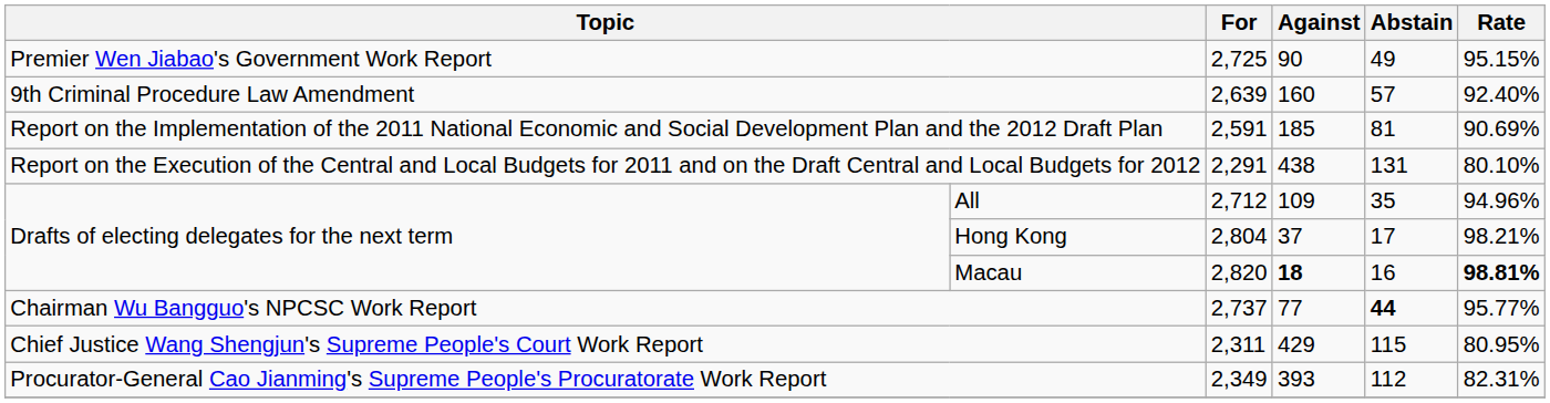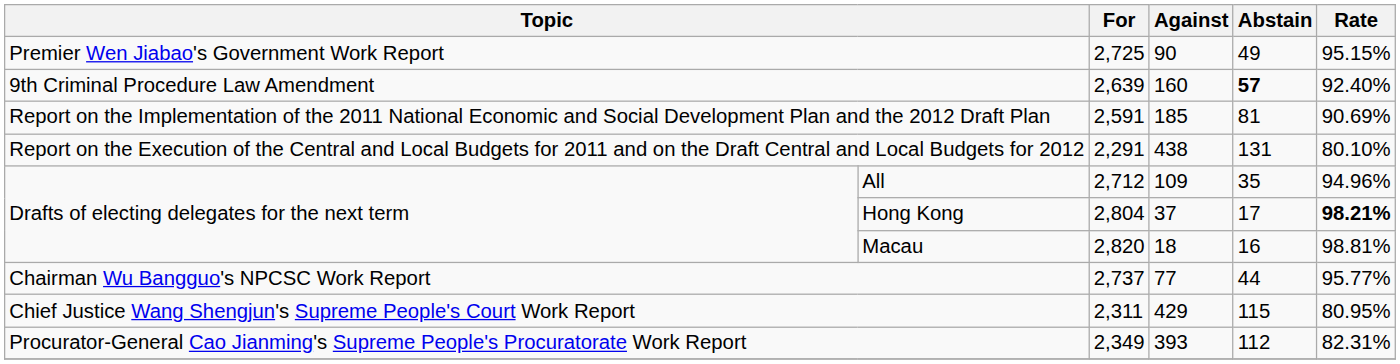 <table class="wikitable">
 <tr>
 <th colspan="2">Topic</th>
 <th>For</th>
 <th>Against</th>
 <th>Abstain</th>
 <th>Rate</th>
 </tr>
 <tr>
 <td colspan="2">Premier <a href='#'>Wen Jiabao</a>'s Government Work Report</td>
 <td>2,725</td>
 <td>90</td>
 <td>49</td>
 <td>95.15%</td>
 </tr>
 <tr>
 <td colspan="2">9th Criminal Procedure Law Amendment</td>
 <td>2,639</td>
 <td>160</td>
-<td>57</td>
+<td><strong>57</strong></td>
 <td>92.40%</td>
 </tr>
 <tr>
 <td colspan="2">Report on the Implementation of the 2011 National Economic and Social Development Plan and the 2012 Draft Plan</td>
 <td>2,591</td>
 <td>185</td>
 <td>81</td>
 <td>90.69%</td>
 </tr>
 <tr>
 <td colspan="2">Report on the Execution of the Central and Local Budgets for 2011 and on the Draft Central and Local Budgets for 2012</td>
 <td>2,291</td>
 <td>438</td>
 <td>131</td>
 <td>80.10%</td>
 </tr>
 <tr>
 <td rowspan="3">Drafts of electing delegates for the next term</td>
 <td>All</td>
 <td>2,712</td>
 <td>109</td>
 <td>35</td>
 <td>94.96%</td>
 </tr>
 <tr>
 <td>Hong Kong</td>
 <td>2,804</td>
 <td>37</td>
 <td>17</td>
-<td>98.21%</td>
+<td><strong>98.21%</strong></td>
 </tr>
 <tr>
 <td>Macau</td>
 <td>2,820</td>
-<td><strong>18</strong></td>
+<td>18</td>
 <td>16</td>
-<td><strong>98.81%</strong></td>
+<td>98.81%</td>
 </tr>
 <tr>
 <td colspan="2">Chairman <a href='#'>Wu Bangguo</a>'s NPCSC Work Report</td>
 <td>2,737</td>
 <td>77</td>
-<td><strong>44</strong></td>
+<td>44</td>
 <td>95.77%</td>
 </tr>
 <tr>
 <td colspan="2">Chief Justice <a href='#'>Wang Shengjun</a>'s <a href='#'>Supreme People's Court</a> Work Report</td>
 <td>2,311</td>
 <td>429</td>
 <td>115</td>
 <td>80.95%</td>
 </tr>
 <tr>
 <td colspan="2">Procurator-General <a href='#'>Cao Jianming</a>'s <a href='#'>Supreme People's Procuratorate</a> Work Report</td>
 <td>2,349</td>
 <td>393</td>
 <td>112</td>
 <td>82.31%</td>
 </tr>
 <tr>
 </tr>
 </table>
